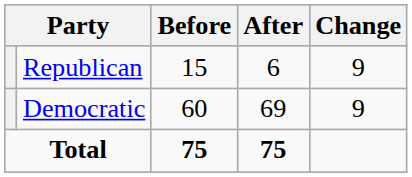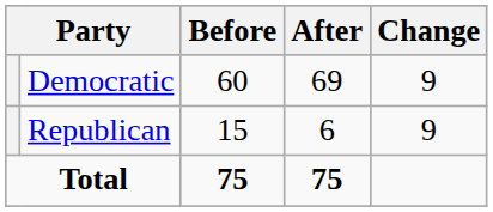 <table class="wikitable" style="text-align:center;">
 <tr>
 <th colspan="2">Party</th>
 <th>Before</th>
 <th>After</th>
 <th>Change</th>
 </tr>
 <tr>
 <th style="background-color:"></th>
-<td style="text-align:left;"><a href='#'>Republican</a></td>
-<td>15</td>
-<td>6</td>
+<td style="text-align:left;"><a href='#'>Democratic</a></td>
+<td>60</td>
+<td>69</td>
 <td> 9</td>
 </tr>
 <tr>
 <th style="background-color:"></th>
-<td style="text-align:left;"><a href='#'>Democratic</a></td>
-<td>60</td>
-<td>69</td>
+<td style="text-align:left;"><a href='#'>Republican</a></td>
+<td>15</td>
+<td>6</td>
 <td> 9</td>
 </tr>
 <tr>
 <td colspan="2"><strong>Total</strong></td>
 <td><strong>75</strong></td>
 <td><strong>75</strong></td>
 <td></td>
 </tr>
 </table>
